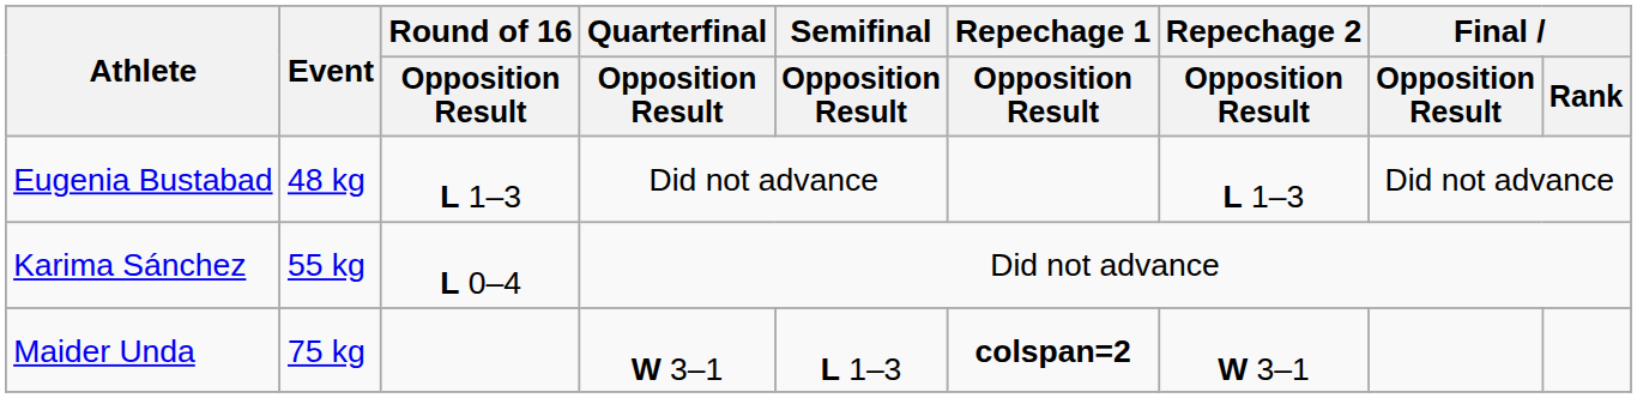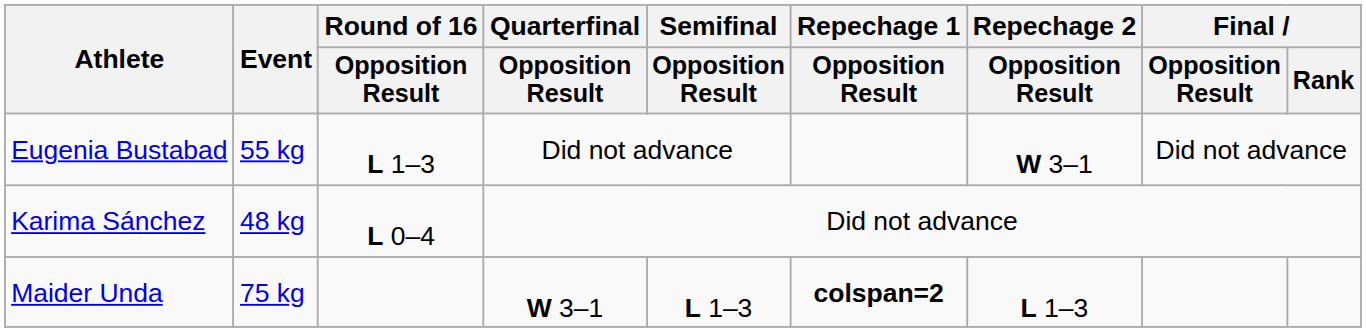 <table class="wikitable" style="font-size:90%">
 <tr>
 <th rowspan="2">Athlete</th>
 <th rowspan="2">Event</th>
 <th>Round of 16</th>
 <th>Quarterfinal</th>
 <th>Semifinal</th>
 <th>Repechage 1</th>
 <th>Repechage 2</th>
 <th colspan=2>Final / </th>
 </tr>
 <tr style="font-size: 95%">
 <th>Opposition<br>Result</th>
 <th>Opposition<br>Result</th>
 <th>Opposition<br>Result</th>
 <th>Opposition<br>Result</th>
 <th>Opposition<br>Result</th>
 <th>Opposition<br>Result</th>
 <th>Rank</th>
 </tr>
 <tr align=center>
 <td align=left><a href='#'>Eugenia Bustabad</a></td>
-<td align=left><a href='#'>48 kg</a></td>
+<td align=left><a href='#'>55 kg</a></td>
 <td><br><strong>L</strong> 1–3</td>
 <td colspan=2>Did not advance</td>
 <td></td>
-<td><br><strong>L</strong> 1–3</td>
+<td><br><strong>W</strong> 3–1</td>
 <td colspan=2>Did not advance</td>
 </tr>
 <tr align=center>
 <td align=left><a href='#'>Karima Sánchez</a></td>
-<td align=left><a href='#'>55 kg</a></td>
+<td align=left><a href='#'>48 kg</a></td>
 <td><br><strong>L</strong> 0–4</td>
 <td colspan=6>Did not advance</td>
 </tr>
 <tr align=center>
 <td align=left><a href='#'>Maider Unda</a></td>
 <td align=left><a href='#'>75 kg</a></td>
 <td></td>
 <td><br><strong>W</strong> 3–1</td>
 <td><br><strong>L</strong> 1–3</td>
 <td><strong>colspan=2 </strong></td>
-<td><br><strong>W</strong> 3–1</td>
+<td><br><strong>L</strong> 1–3</td>
 <td></td>
 </tr>
 </table>
